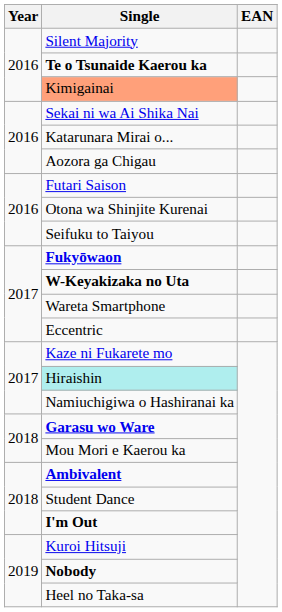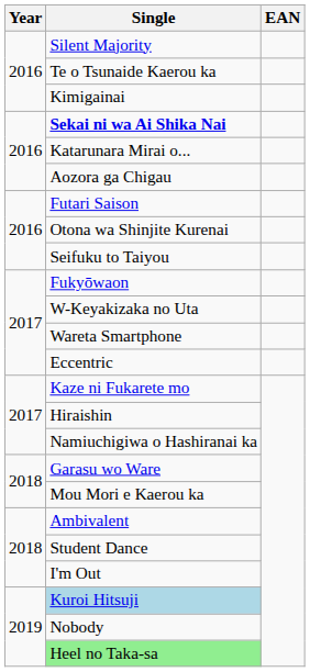 <table class="wikitable">
 <tr>
 <th>Year</th>
 <th>Single</th>
 <th>EAN</th>
 </tr>
 <tr>
 <td rowspan="3">2016</td>
 <td><a href='#'>Silent Majority</a></td>
 <td></td>
 </tr>
 <tr>
-<td><strong>Te o Tsunaide Kaerou ka</strong></td>
+<td>Te o Tsunaide Kaerou ka</td>
 <td></td>
 </tr>
 <tr>
-<td style="background: lightsalmon;">Kimigainai</td>
+<td>Kimigainai</td>
 <td></td>
 </tr>
 <tr>
 <td rowspan="3">2016</td>
-<td><a href='#'>Sekai ni wa Ai Shika Nai</a></td>
+<td><strong><a href='#'>Sekai ni wa Ai Shika Nai</a></strong></td>
 <td></td>
 </tr>
 <tr>
 <td>Katarunara Mirai o...</td>
 <td></td>
 </tr>
 <tr>
 <td>Aozora ga Chigau</td>
 <td></td>
 </tr>
 <tr>
 <td rowspan="3">2016</td>
 <td><a href='#'>Futari Saison</a></td>
 <td></td>
 </tr>
 <tr>
 <td>Otona wa Shinjite Kurenai</td>
 <td></td>
 </tr>
 <tr>
 <td>Seifuku to Taiyou</td>
 <td></td>
 </tr>
 <tr>
 <td rowspan="4">2017</td>
-<td><strong><a href='#'>Fukyōwaon</a></strong></td>
+<td><a href='#'>Fukyōwaon</a></td>
 <td></td>
 </tr>
 <tr>
-<td><strong>W-Keyakizaka no Uta</strong></td>
+<td>W-Keyakizaka no Uta</td>
 <td></td>
 </tr>
 <tr>
 <td>Wareta Smartphone</td>
 <td></td>
 </tr>
 <tr>
 <td>Eccentric</td>
 <td></td>
 </tr>
 <tr>
 <td rowspan="3">2017</td>
 <td><a href='#'>Kaze ni Fukarete mo</a></td>
 </tr>
 <tr>
-<td style="background: paleturquoise;">Hiraishin</td>
+<td>Hiraishin</td>
 </tr>
 <tr>
 <td>Namiuchigiwa o Hashiranai ka</td>
 </tr>
 <tr>
 <td rowspan="2">2018</td>
-<td><strong><a href='#'>Garasu wo Ware</a></strong></td>
+<td><a href='#'>Garasu wo Ware</a></td>
 </tr>
 <tr>
 <td>Mou Mori e Kaerou ka</td>
 </tr>
 <tr>
 <td rowspan="3">2018</td>
-<td><strong><a href='#'>Ambivalent</a></strong></td>
+<td><a href='#'>Ambivalent</a></td>
 </tr>
 <tr>
 <td>Student Dance</td>
 </tr>
 <tr>
-<td><strong>I'm Out</strong></td>
+<td>I'm Out</td>
 </tr>
 <tr>
 <td rowspan="3">2019</td>
-<td><a href='#'>Kuroi Hitsuji</a></td>
+<td style="background: lightblue;"><a href='#'>Kuroi Hitsuji</a></td>
 </tr>
 <tr>
-<td><strong>Nobody</strong></td>
+<td>Nobody</td>
 </tr>
 <tr>
-<td>Heel no Taka-sa</td>
+<td style="background: lightgreen;">Heel no Taka-sa</td>
 </tr>
 </table>
